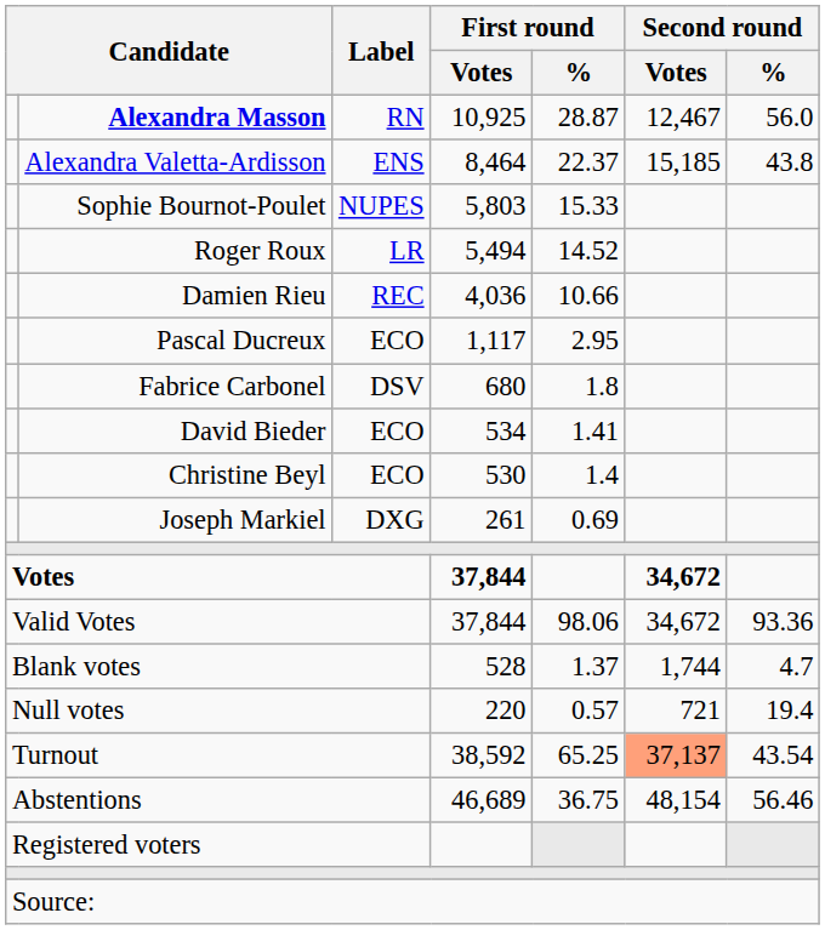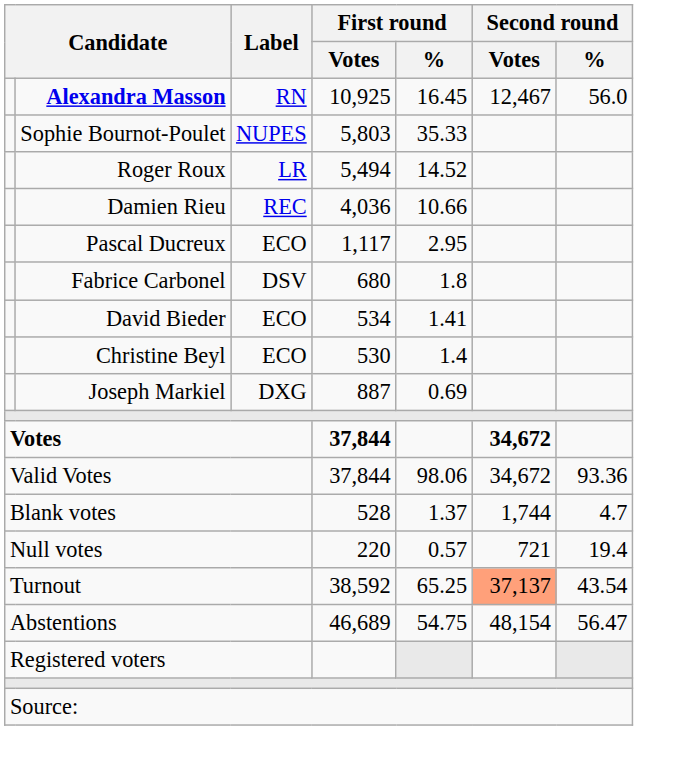 <table class="wikitable" style="text-align:right;font-size:95%;">
 <tr>
 <th rowspan="2" colspan="2">Candidate</th>
 <th rowspan="2">Label</th>
 <th colspan="2">First round</th>
 <th colspan="2">Second round</th>
 </tr>
 <tr>
 <th style="width:50px;">Votes</th>
 <th style="width:45px;">%</th>
 <th style="width:50px;">Votes</th>
 <th style="width:45px;">%</th>
 </tr>
 <tr>
 <td style="color:inherit;background:"></td>
 <td><strong><a href='#'>Alexandra Masson</a></strong></td>
 <td><a href='#'>RN</a></td>
 <td>10,925</td>
-<td>28.87</td>
+<td>16.45</td>
 <td>12,467</td>
 <td>56.0</td>
-</tr>
-<tr>
-<td style="color:inherit;background:"></td>
-<td><a href='#'>Alexandra Valetta-Ardisson</a></td>
-<td><a href='#'>ENS</a></td>
-<td>8,464</td>
-<td>22.37</td>
-<td>15,185</td>
-<td>43.8</td>
 </tr>
 <tr>
 <td style="color:inherit;background:"></td>
 <td>Sophie Bournot-Poulet</td>
 <td><a href='#'>NUPES</a></td>
 <td>5,803</td>
-<td>15.33</td>
+<td>35.33</td>
 <td></td>
 <td></td>
 </tr>
 <tr>
 <td style="color:inherit;background:"></td>
 <td>Roger Roux</td>
 <td><a href='#'>LR</a></td>
 <td>5,494</td>
 <td>14.52</td>
 <td></td>
 <td></td>
 </tr>
 <tr>
 <td style="color:inherit;background:"></td>
 <td>Damien Rieu</td>
 <td><a href='#'>REC</a></td>
 <td>4,036</td>
 <td>10.66</td>
 <td></td>
 <td></td>
 </tr>
 <tr>
 <td style="color:inherit;background:"></td>
 <td>Pascal Ducreux</td>
 <td>ECO</td>
 <td>1,117</td>
 <td>2.95</td>
 <td></td>
 <td></td>
 </tr>
 <tr>
 <td style="color:inherit;background:"></td>
 <td>Fabrice Carbonel</td>
 <td>DSV</td>
 <td>680</td>
 <td>1.8</td>
 <td></td>
 <td></td>
 </tr>
 <tr>
 <td style="color:inherit;background:"></td>
 <td>David Bieder</td>
 <td>ECO</td>
 <td>534</td>
 <td>1.41</td>
 <td></td>
 <td></td>
 </tr>
 <tr>
 <td style="color:inherit;background:"></td>
 <td>Christine Beyl</td>
 <td>ECO</td>
 <td>530</td>
 <td>1.4</td>
 <td></td>
 <td></td>
 </tr>
 <tr>
 <td style="color:inherit;background:"></td>
 <td>Joseph Markiel</td>
 <td>DXG</td>
-<td>261</td>
+<td>887</td>
 <td>0.69</td>
 <td></td>
 <td></td>
 </tr>
 <tr>
 <td colspan="7" style="background:#E9E9E9;"></td>
 </tr>
 <tr style="font-weight:bold;">
 <td colspan="3" style="text-align:left;">Votes</td>
 <td>37,844</td>
 <td></td>
 <td>34,672</td>
 <td></td>
 </tr>
 <tr>
 <td colspan="3" style="text-align:left;">Valid Votes</td>
 <td>37,844</td>
 <td>98.06</td>
 <td>34,672</td>
 <td>93.36</td>
 </tr>
 <tr>
 <td colspan="3" style="text-align:left;">Blank votes</td>
 <td>528</td>
 <td>1.37</td>
 <td>1,744</td>
 <td>4.7</td>
 </tr>
 <tr>
 <td colspan="3" style="text-align:left;">Null votes</td>
 <td>220</td>
 <td>0.57</td>
 <td>721</td>
 <td>19.4</td>
 </tr>
 <tr>
 <td colspan="3" style="text-align:left;">Turnout</td>
 <td>38,592</td>
 <td>65.25</td>
 <td style="background: lightsalmon;">37,137</td>
 <td>43.54</td>
 </tr>
 <tr>
 <td colspan="3" style="text-align:left;">Abstentions</td>
 <td>46,689</td>
-<td>36.75</td>
+<td>54.75</td>
 <td>48,154</td>
-<td>56.46</td>
+<td>56.47</td>
 </tr>
 <tr>
 <td colspan="3" style="text-align:left;">Registered voters</td>
 <td></td>
 <td style="background:#E9E9E9;"></td>
 <td></td>
 <td style="background:#E9E9E9;"></td>
 </tr>
 <tr>
 <td colspan="7" style="background:#E9E9E9;"></td>
 </tr>
 <tr>
 <td colspan="7" style="text-align:left;">Source: </td>
 </tr>
 </table>
